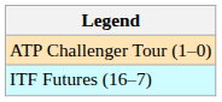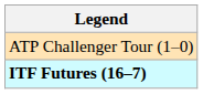 <table class=wikitable style=font-size:97%>
 <tr>
 <th>Legend</th>
 </tr>
 <tr bgcolor=moccasin>
 <td>ATP Challenger Tour (1–0)</td>
 </tr>
 <tr bgcolor=cffcff>
-<td>ITF Futures (16–7)</td>
+<td><strong>ITF Futures (16–7)</strong></td>
 </tr>
 </table>
